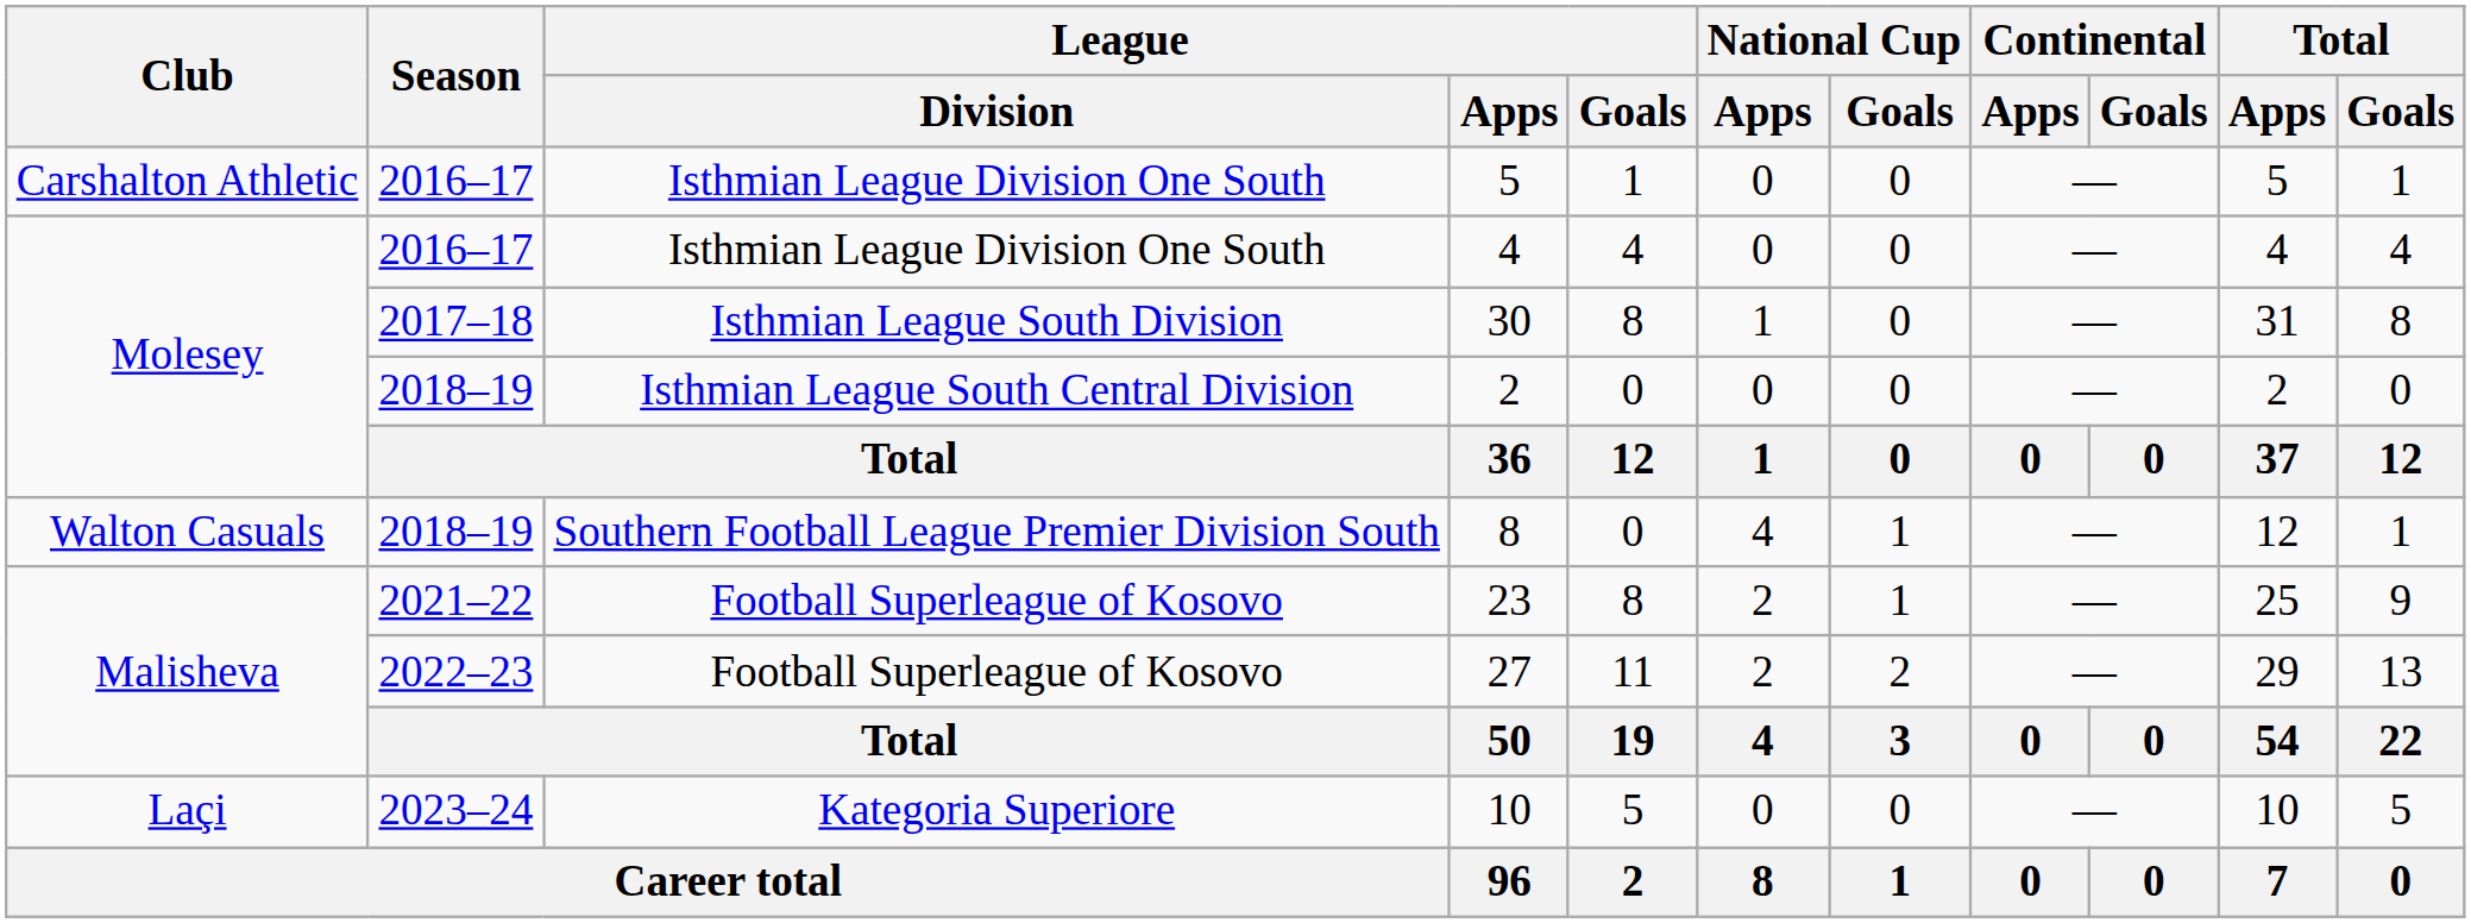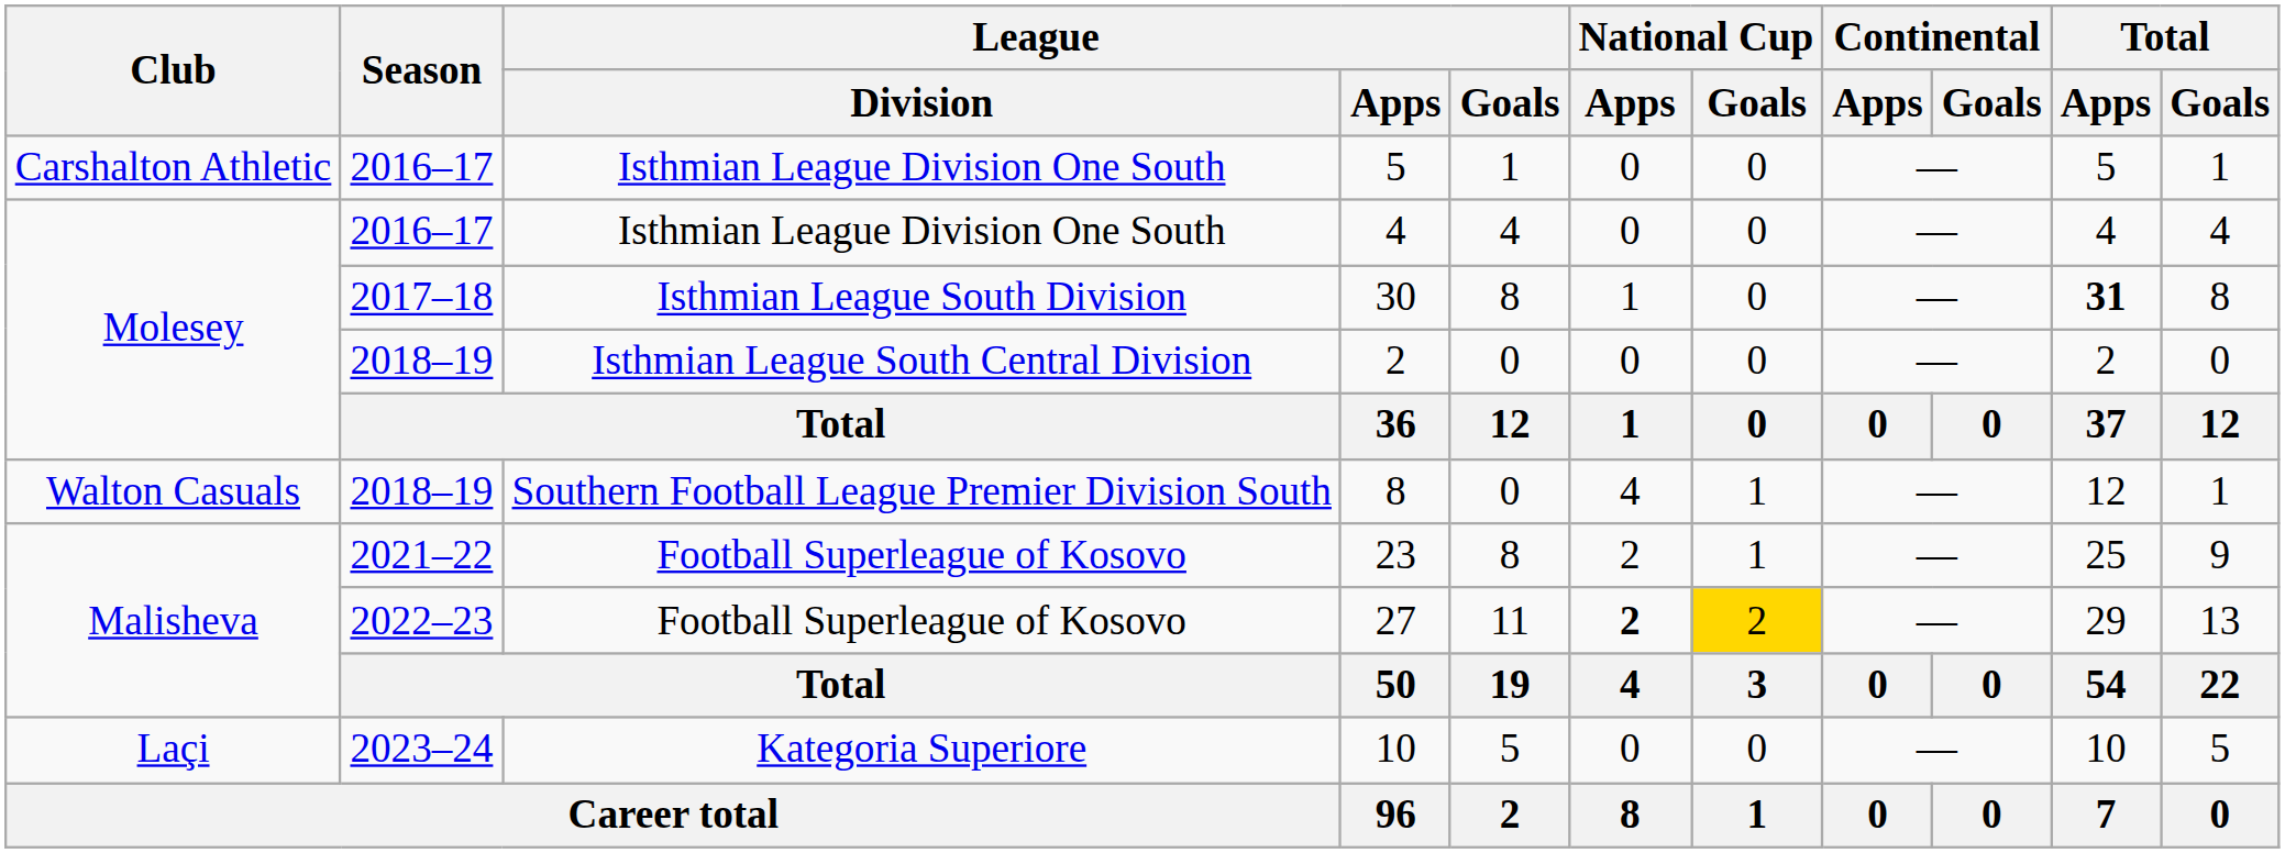 <table class="wikitable" style="text-align: center">
 <tr>
 <th rowspan="2">Club</th>
 <th rowspan="2">Season</th>
 <th colspan="3">League</th>
 <th colspan="2">National Cup</th>
 <th colspan="2">Continental</th>
 <th colspan="2">Total</th>
 </tr>
 <tr>
 <th>Division</th>
 <th>Apps</th>
 <th>Goals</th>
 <th>Apps</th>
 <th>Goals</th>
 <th>Apps</th>
 <th>Goals</th>
 <th>Apps</th>
 <th>Goals</th>
 </tr>
 <tr>
 <td><a href='#'>Carshalton Athletic</a></td>
 <td><a href='#'>2016–17</a></td>
 <td><a href='#'>Isthmian League Division One South</a></td>
 <td>5</td>
 <td>1</td>
 <td>0</td>
 <td>0</td>
 <td colspan="2">—</td>
 <td>5</td>
 <td>1</td>
 </tr>
 <tr>
 <td rowspan="4"><a href='#'>Molesey</a></td>
 <td><a href='#'>2016–17</a></td>
 <td>Isthmian League Division One South</td>
 <td>4</td>
 <td>4</td>
 <td>0</td>
 <td>0</td>
 <td colspan="2">—</td>
 <td>4</td>
 <td>4</td>
 </tr>
 <tr>
 <td><a href='#'>2017–18</a></td>
 <td><a href='#'>Isthmian League South Division</a></td>
 <td>30</td>
 <td>8</td>
 <td>1</td>
 <td>0</td>
 <td colspan="2">—</td>
-<td>31</td>
+<td><strong>31</strong></td>
 <td>8</td>
 </tr>
 <tr>
 <td><a href='#'>2018–19</a></td>
 <td><a href='#'>Isthmian League South Central Division</a></td>
 <td>2</td>
 <td>0</td>
 <td>0</td>
 <td>0</td>
 <td colspan="2">—</td>
 <td>2</td>
 <td>0</td>
 </tr>
 <tr>
 <th colspan="2">Total</th>
 <th>36</th>
 <th>12</th>
 <th>1</th>
 <th>0</th>
 <th>0</th>
 <th>0</th>
 <th>37</th>
 <th>12</th>
 </tr>
 <tr>
 <td><a href='#'>Walton Casuals</a></td>
 <td><a href='#'>2018–19</a></td>
 <td><a href='#'>Southern Football League Premier Division South</a></td>
 <td>8</td>
 <td>0</td>
 <td>4</td>
 <td>1</td>
 <td colspan="2">—</td>
 <td>12</td>
 <td>1</td>
 </tr>
 <tr>
 <td rowspan="3"><a href='#'>Malisheva</a></td>
 <td><a href='#'>2021–22</a></td>
 <td><a href='#'>Football Superleague of Kosovo</a></td>
 <td>23</td>
 <td>8</td>
 <td>2</td>
 <td>1</td>
 <td colspan="2">—</td>
 <td>25</td>
 <td>9</td>
 </tr>
 <tr>
 <td><a href='#'>2022–23</a></td>
 <td>Football Superleague of Kosovo</td>
 <td>27</td>
 <td>11</td>
-<td>2</td>
-<td>2</td>
+<td><strong>2</strong></td>
+<td style="background: gold;">2</td>
 <td colspan="2">—</td>
 <td>29</td>
 <td>13</td>
 </tr>
 <tr>
 <th colspan="2">Total</th>
 <th>50</th>
 <th>19</th>
 <th>4</th>
 <th>3</th>
 <th>0</th>
 <th>0</th>
 <th>54</th>
 <th>22</th>
 </tr>
 <tr>
 <td rowspan="1"><a href='#'>Laçi</a></td>
 <td><a href='#'>2023–24</a></td>
 <td><a href='#'>Kategoria Superiore</a></td>
 <td>10</td>
 <td>5</td>
 <td>0</td>
 <td>0</td>
 <td colspan="2">—</td>
 <td>10</td>
 <td>5</td>
 </tr>
 <tr>
 <th colspan="3">Career total</th>
 <th>96</th>
 <th>2</th>
 <th>8</th>
 <th>1</th>
 <th>0</th>
 <th>0</th>
 <th>7</th>
 <th>0</th>
 </tr>
 </table>
